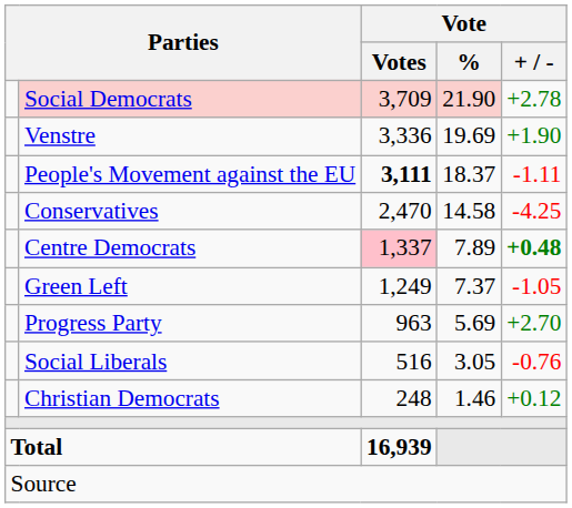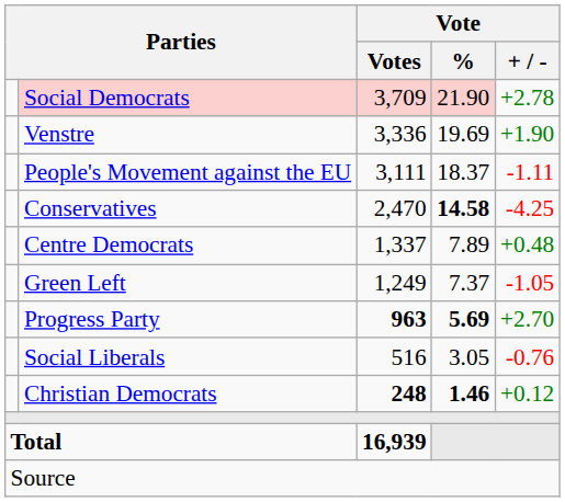 <table class="wikitable" style="text-align:right;">
 <tr>
 <th style="text-align:centre;" rowspan="2" colspan="2" width="225">Parties</th>
 <th colspan="3">Vote</th>
 </tr>
 <tr>
 <th width="15">Votes</th>
 <th width="15">%</th>
 <th width="15">+ / -</th>
 </tr>
 <tr>
 <td width="2" style="color:inherit;background:"></td>
 <td bgcolor=#fbd0ce   align="left"><a href='#'>Social Democrats</a></td>
 <td bgcolor=#fbd0ce>3,709</td>
 <td bgcolor=#fbd0ce>21.90</td>
 <td style=color:green;>+2.78</td>
 </tr>
 <tr>
 <td width="2" style="color:inherit;background:"></td>
 <td align="left"><a href='#'>Venstre</a></td>
 <td>3,336</td>
 <td>19.69</td>
 <td style=color:green;>+1.90</td>
 </tr>
 <tr>
 <td width="2" style="color:inherit;background:"></td>
 <td align="left"><a href='#'>People's Movement against the EU</a></td>
-<td><strong>3,111</strong></td>
+<td>3,111</td>
 <td>18.37</td>
 <td style=color:red;>-1.11</td>
 </tr>
 <tr>
 <td width="2" style="color:inherit;background:"></td>
 <td align="left"><a href='#'>Conservatives</a></td>
 <td>2,470</td>
-<td>14.58</td>
+<td><strong>14.58</strong></td>
 <td style=color:red;>-4.25</td>
 </tr>
 <tr>
 <td width="2" style="color:inherit;background:"></td>
 <td align="left"><a href='#'>Centre Democrats</a></td>
-<td style="background: pink;">1,337</td>
+<td>1,337</td>
 <td>7.89</td>
-<td style=color:green;><strong>+0.48</strong></td>
+<td style=color:green;>+0.48</td>
 </tr>
 <tr>
 <td width="2" style="color:inherit;background:"></td>
 <td align="left"><a href='#'>Green Left</a></td>
 <td>1,249</td>
 <td>7.37</td>
 <td style=color:red;>-1.05</td>
 </tr>
 <tr>
 <td width="2" style="color:inherit;background:"></td>
 <td align="left"><a href='#'>Progress Party</a></td>
-<td>963</td>
-<td>5.69</td>
+<td><strong>963</strong></td>
+<td><strong>5.69</strong></td>
 <td style=color:green;>+2.70</td>
 </tr>
 <tr>
 <td width="2" style="color:inherit;background:"></td>
 <td align="left"><a href='#'>Social Liberals</a></td>
 <td>516</td>
 <td>3.05</td>
 <td style=color:red;>-0.76</td>
 </tr>
 <tr>
 <td width="2" style="color:inherit;background:"></td>
 <td align="left"><a href='#'>Christian Democrats</a></td>
-<td>248</td>
-<td>1.46</td>
+<td><strong>248</strong></td>
+<td><strong>1.46</strong></td>
 <td style=color:green;>+0.12</td>
 </tr>
 <tr>
 <td colspan="7" bgcolor="#E9E9E9"></td>
 </tr>
 <tr>
 <td align="left" colspan="2"><strong>Total</strong></td>
 <td><strong>16,939</strong></td>
 <td bgcolor="#E9E9E9" colspan="2"></td>
 </tr>
 <tr>
 <td align="left" colspan="6">Source</td>
 </tr>
 </table>
